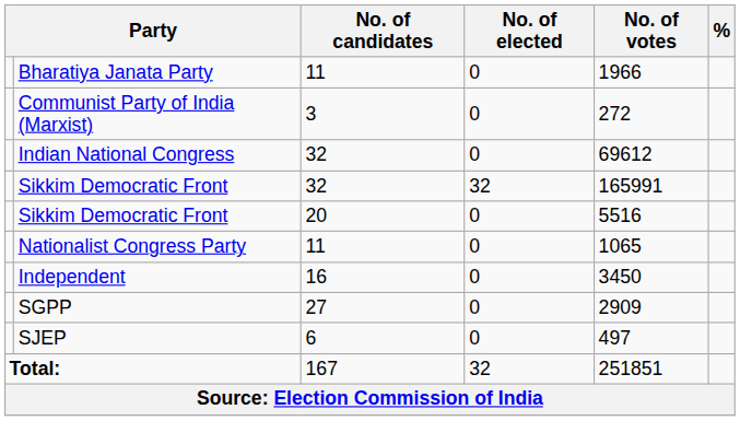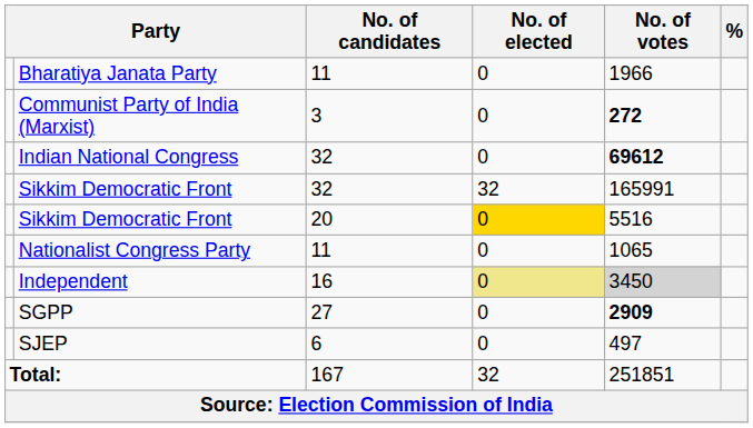 <table class=wikitable>
 <tr>
 <th colspan=2>Party</th>
 <th>No. of candidates</th>
 <th>No. of elected</th>
 <th>No. of votes</th>
 <th>%</th>
 </tr>
 <tr>
 <td></td>
 <td><a href='#'>Bharatiya Janata Party</a></td>
 <td>11</td>
 <td>0</td>
 <td>1966</td>
 <td></td>
 </tr>
 <tr>
 <td></td>
 <td><a href='#'>Communist Party of India (Marxist)</a></td>
 <td>3</td>
 <td>0</td>
-<td>272</td>
+<td><strong>272</strong></td>
 <td></td>
 </tr>
 <tr>
 <td></td>
 <td><a href='#'>Indian National Congress</a></td>
 <td>32</td>
 <td>0</td>
-<td>69612</td>
+<td><strong>69612</strong></td>
 <td></td>
 </tr>
 <tr>
 <td></td>
 <td><a href='#'>Sikkim Democratic Front</a></td>
 <td>32</td>
 <td>32</td>
 <td>165991</td>
 <td></td>
 </tr>
 <tr>
 <td></td>
 <td><a href='#'>Sikkim Democratic Front</a></td>
 <td>20</td>
-<td>0</td>
+<td style="background: gold;">0</td>
 <td>5516</td>
 <td></td>
 </tr>
 <tr>
 <td></td>
 <td><a href='#'>Nationalist Congress Party</a></td>
 <td>11</td>
 <td>0</td>
 <td>1065</td>
 <td></td>
 </tr>
 <tr>
 <td></td>
 <td><a href='#'>Independent</a></td>
 <td>16</td>
-<td>0</td>
-<td>3450</td>
+<td style="background: khaki;">0</td>
+<td style="background: lightgrey;">3450</td>
 <td></td>
 </tr>
 <tr>
 <td></td>
 <td>SGPP</td>
 <td>27</td>
 <td>0</td>
-<td>2909</td>
+<td><strong>2909</strong></td>
 <td></td>
 </tr>
 <tr>
 <td></td>
 <td>SJEP</td>
 <td>6</td>
 <td>0</td>
 <td>497</td>
 <td></td>
 </tr>
 <tr>
 <td colspan=2><strong>Total:</strong></td>
 <td>167</td>
 <td>32</td>
 <td>251851</td>
 <td></td>
 </tr>
 <tr>
 <th colspan=6>Source: <a href='#'>Election Commission of India</a></th>
 </tr>
 <tr>
 </tr>
 </table>
